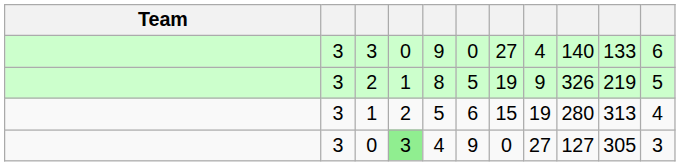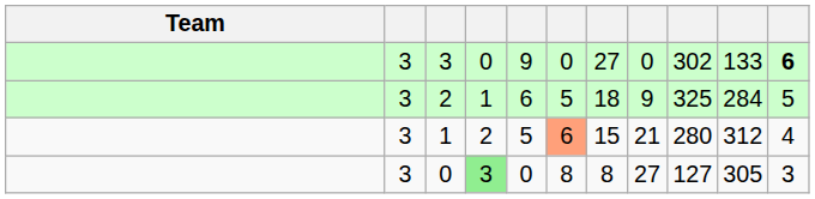 <table class=wikitable style="text-align:center">
 <tr>
 <th width=250>Team</th>
 <th width=20></th>
 <th width=20></th>
 <th width=20></th>
 <th width=20></th>
 <th width=20></th>
 <th width=20></th>
 <th width=20></th>
 <th width=20></th>
 <th width=20></th>
 <th width=20></th>
 </tr>
 <tr style="background-color:#ccffcc;">
 <td style="text-align:left;"></td>
 <td>3</td>
 <td>3</td>
 <td>0</td>
 <td>9</td>
 <td>0</td>
 <td>27</td>
-<td>4</td>
-<td>140</td>
+<td>0</td>
+<td>302</td>
 <td>133</td>
-<td>6</td>
+<td><strong>6</strong></td>
 </tr>
 <tr style="background-color:#ccffcc;">
 <td style="text-align:left;"></td>
 <td>3</td>
 <td>2</td>
 <td>1</td>
-<td>8</td>
+<td>6</td>
 <td>5</td>
-<td>19</td>
+<td>18</td>
 <td>9</td>
-<td>326</td>
-<td>219</td>
+<td>325</td>
+<td>284</td>
 <td>5</td>
 </tr>
 <tr>
 <td style="text-align:left;"></td>
 <td>3</td>
 <td>1</td>
 <td>2</td>
 <td>5</td>
-<td>6</td>
+<td style="background: lightsalmon;">6</td>
 <td>15</td>
-<td>19</td>
+<td>21</td>
 <td>280</td>
-<td>313</td>
+<td>312</td>
 <td>4</td>
 </tr>
 <tr>
 <td style="text-align:left;"></td>
 <td>3</td>
 <td>0</td>
 <td style="background: lightgreen;">3</td>
-<td>4</td>
-<td>9</td>
 <td>0</td>
+<td>8</td>
+<td>8</td>
 <td>27</td>
 <td>127</td>
 <td>305</td>
 <td>3</td>
 </tr>
 </table>
